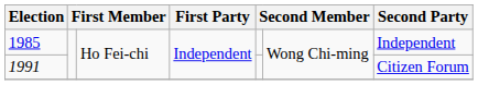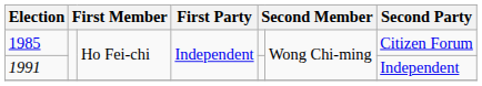 <table class="wikitable">
 <tr>
 <th>Election</th>
 <th colspan="2">First Member</th>
 <th>First Party</th>
 <th colspan="2">Second Member</th>
 <th>Second Party</th>
 </tr>
 <tr>
 <td><a href='#'>1985</a></td>
 <td rowspan=2 style="background-color:"></td>
 <td rowspan=2>Ho Fei-chi</td>
 <td rowspan=2><a href='#'>Independent</a></td>
 <td style="background-color:"></td>
 <td rowspan=2>Wong Chi-ming</td>
-<td><a href='#'>Independent</a></td>
+<td><a href='#'>Citizen Forum</a></td>
 </tr>
 <tr>
 <td><em>1991</em></td>
 <td style="background-color:"></td>
-<td><a href='#'>Citizen Forum</a></td>
+<td><a href='#'>Independent</a></td>
 </tr>
 <tr>
 </tr>
 </table>
